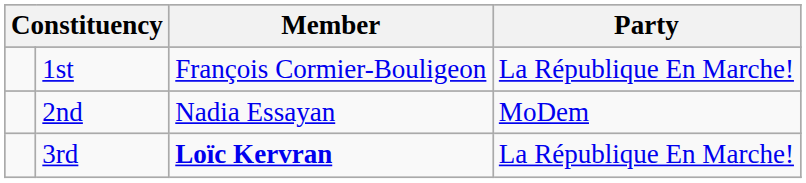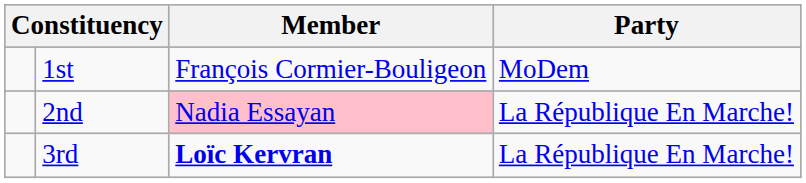 <table class="wikitable">
 <tr>
 <th colspan="2">Constituency</th>
 <th>Member</th>
 <th>Party</th>
 </tr>
 <tr>
 <td style="background-color: "></td>
 <td><a href='#'>1st</a></td>
 <td><a href='#'>François Cormier-Bouligeon</a></td>
-<td><a href='#'>La République En Marche!</a></td>
+<td><a href='#'>MoDem</a></td>
 </tr>
 <tr>
 <td style="background-color: "></td>
 <td><a href='#'>2nd</a></td>
-<td><a href='#'>Nadia Essayan</a></td>
-<td><a href='#'>MoDem</a></td>
+<td style="background: pink;"><a href='#'>Nadia Essayan</a></td>
+<td><a href='#'>La République En Marche!</a></td>
 </tr>
 <tr>
 <td style="background-color: "></td>
 <td><a href='#'>3rd</a></td>
 <td><strong><a href='#'>Loïc Kervran</a></strong></td>
 <td><a href='#'>La République En Marche!</a></td>
 </tr>
 </table>
